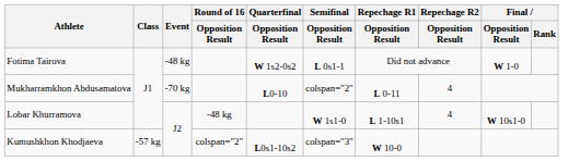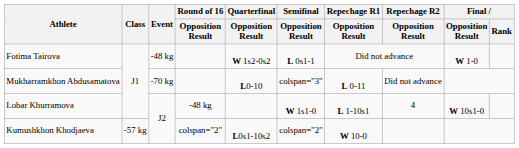 <table class="wikitable" style="text-align:center; font-size:90%">
 <tr>
 <th rowspan="2">Athlete</th>
 <th rowspan="2">Class</th>
 <th rowspan="2">Event</th>
 <th>Round of 16</th>
 <th>Quarterfinal</th>
 <th>Semifinal</th>
 <th>Repechage R1</th>
 <th>Repechage R2</th>
 <th colspan="2">Final / </th>
 </tr>
 <tr>
 <th>Opposition<br>Result</th>
 <th>Opposition<br>Result</th>
 <th>Opposition<br>Result</th>
 <th>Opposition<br>Result</th>
 <th>Opposition<br>Result</th>
 <th>Opposition<br>Result</th>
 <th>Rank</th>
 </tr>
 <tr>
 <td align="left">Fotima Tairova</td>
 <td rowspan="3">J1</td>
 <td>-48 kg</td>
 <td></td>
 <td><br><strong>W</strong> 1s2-0s2</td>
 <td><br><strong>L</strong> 0s1-1</td>
 <td colspan="2">Did not advance</td>
 <td><br><strong>W</strong> 1-0</td>
 <td></td>
 </tr>
 <tr>
 <td align="left">Mukharramkhon Abdusamatova</td>
 <td>-70 kg</td>
 <td></td>
 <td><br><strong>L</strong>0-10</td>
-<td>colspan="2" </td>
+<td>colspan="3" </td>
 <td><br><strong>L</strong> 0-11</td>
-<td>4</td>
+<td>Did not advance</td>
 </tr>
 <tr>
 <td align="left">Lobar Khurramova</td>
 <td rowspan="3">J2</td>
 <td>-48 kg</td>
 <td></td>
 <td><br><strong>W</strong> 1s1-0</td>
 <td><br><strong>L</strong> 1-10s1</td>
 <td>4</td>
 <td><br><strong>W</strong> 10s1-0</td>
 <td></td>
 </tr>
 <tr>
 <td align="left">Kumushkhon Khodjaeva</td>
 <td>-57 kg</td>
 <td>colspan="2" </td>
 <td><br><strong>L</strong>0s1-10s2</td>
-<td>colspan="3" </td>
+<td>colspan="2" </td>
 <td><br><strong>W</strong> 10-0</td>
 <td></td>
 </tr>
 </table>
